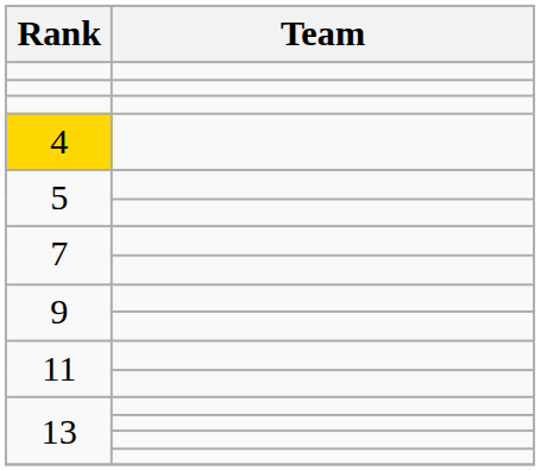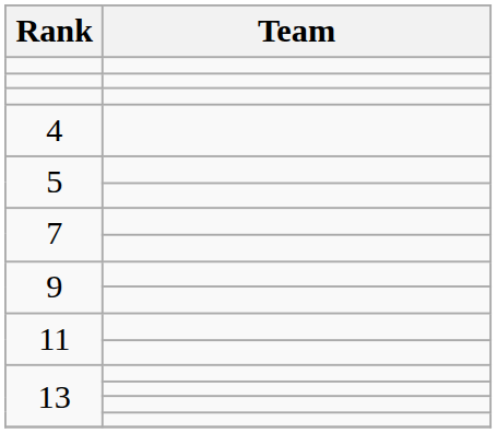 <table class="wikitable" style="text-align: center;">
 <tr>
 <th width=40>Rank</th>
 <th width=180>Team</th>
 </tr>
 <tr align=center>
 <td></td>
 <td style="text-align:left;"></td>
 </tr>
 <tr align=center>
 <td></td>
 <td style="text-align:left;"></td>
 </tr>
 <tr align=center>
 <td></td>
 <td style="text-align:left;"></td>
 </tr>
 <tr align=center>
-<td style="background: gold;">4</td>
+<td>4</td>
 <td style="text-align:left;"></td>
 </tr>
 <tr align=center>
 <td rowspan=2>5</td>
 <td style="text-align:left;"></td>
 </tr>
 <tr align=center>
 <td style="text-align:left;"></td>
 </tr>
 <tr align=center>
 <td rowspan=2>7</td>
 <td style="text-align:left;"></td>
 </tr>
 <tr align=center>
 <td style="text-align:left;"></td>
 </tr>
 <tr align=center>
 <td rowspan=2>9</td>
 <td style="text-align:left;"></td>
 </tr>
 <tr align=center>
 <td style="text-align:left;"></td>
 </tr>
 <tr align=center>
 <td rowspan=2>11</td>
 <td style="text-align:left;"></td>
 </tr>
 <tr align=center>
 <td style="text-align:left;"></td>
 </tr>
 <tr align=center>
 <td rowspan=4>13</td>
 <td style="text-align:left;"></td>
 </tr>
 <tr align=center>
 <td style="text-align:left;"></td>
 </tr>
 <tr align=center>
 <td style="text-align:left;"></td>
 </tr>
 <tr align=center>
 <td style="text-align:left;"></td>
 </tr>
 <tr>
 </tr>
 </table>
